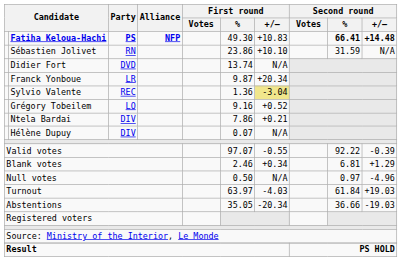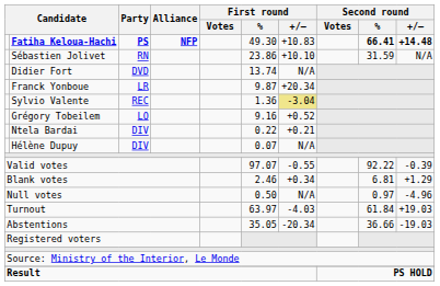 <table class="wikitable" style="text-align:right;font-size:95%;">
 <tr>
 <th rowspan="2" colspan="2">Candidate</th>
 <th rowspan="2">Party</th>
 <th rowspan="2">Alliance</th>
 <th colspan="3">First round</th>
 <th colspan="3">Second round</th>
 </tr>
 <tr>
 <th style="width:50px;">Votes</th>
 <th style="width:45px;">%</th>
 <th style="width:45px;">+/–</th>
 <th style="width:50px;">Votes</th>
 <th style="width:45px;">%</th>
 <th style="width:45px;">+/–</th>
 </tr>
 <tr>
 <td style="color:inherit;background:"></td>
 <td style="text-align:left;"><strong><a href='#'>Fatiha Keloua-Hachi</a></strong></td>
 <td><a href='#'><strong>PS</strong></a></td>
 <td><a href='#'><strong>NFP</strong></a></td>
 <td></td>
 <td>49.30</td>
 <td>+10.83</td>
 <td><strong></strong></td>
 <td><strong>66.41</strong></td>
 <td><strong>+14.48</strong></td>
 </tr>
 <tr>
 <td style="color:inherit;background:"></td>
 <td style="text-align:left;">Sébastien Jolivet</td>
 <td><a href='#'>RN</a></td>
 <td></td>
 <td></td>
 <td>23.86</td>
 <td>+10.10</td>
 <td></td>
 <td>31.59</td>
 <td>N/A</td>
 </tr>
 <tr>
 <td style="color:inherit;background:"></td>
 <td style="text-align:left;">Didier Fort</td>
 <td><a href='#'>DVD</a></td>
 <td></td>
 <td></td>
 <td>13.74</td>
 <td>N/A</td>
 <td colspan="3" style="background:#E9E9E9;"></td>
 </tr>
 <tr>
 <td style="color:inherit;background:"></td>
 <td style="text-align:left;">Franck Yonboue</td>
 <td><a href='#'>LR</a></td>
 <td></td>
 <td></td>
 <td>9.87</td>
 <td>+20.34</td>
 <td colspan="3" style="background:#E9E9E9;"></td>
 </tr>
 <tr>
 <td style="color:inherit;background:"></td>
 <td style="text-align:left;">Sylvio Valente</td>
 <td><a href='#'>REC</a></td>
 <td></td>
 <td></td>
 <td>1.36</td>
 <td style="background: khaki;">-3.04</td>
 <td colspan="3" style="background:#E9E9E9;"></td>
 </tr>
 <tr>
 <td style="color:inherit;background:"></td>
 <td style="text-align:left;">Grégory Tobeilem</td>
 <td><a href='#'>LO</a></td>
 <td></td>
 <td></td>
 <td>9.16</td>
 <td>+0.52</td>
 <td colspan="3" style="background:#E9E9E9;"></td>
 </tr>
 <tr>
 <td style="color:inherit;background:"></td>
 <td style="text-align:left;">Ntela Bardai</td>
 <td><a href='#'>DIV</a></td>
 <td></td>
 <td></td>
-<td>7.86</td>
+<td>0.22</td>
 <td>+0.21</td>
 <td colspan="3" style="background:#E9E9E9;"></td>
 </tr>
 <tr>
 <td style="color:inherit;background:"></td>
 <td style="text-align:left;">Hélène Dupuy</td>
 <td><a href='#'>DIV</a></td>
 <td></td>
 <td></td>
 <td>0.07</td>
 <td>N/A</td>
 <td colspan="3" style="background:#E9E9E9;"></td>
 </tr>
 <tr>
 <td colspan="10" style="background:#E9E9E9;"></td>
 </tr>
 <tr>
 <td colspan="4" style="text-align:left;">Valid votes</td>
 <td></td>
 <td>97.07</td>
 <td>-0.55</td>
 <td></td>
 <td>92.22</td>
 <td>-0.39</td>
 </tr>
 <tr>
 <td colspan="4" style="text-align:left;">Blank votes</td>
 <td></td>
 <td>2.46</td>
 <td>+0.34</td>
 <td></td>
 <td>6.81</td>
 <td>+1.29</td>
 </tr>
 <tr>
 <td colspan="4" style="text-align:left;">Null votes</td>
 <td></td>
 <td>0.50</td>
 <td>N/A</td>
 <td></td>
 <td>0.97</td>
 <td>-4.96</td>
 </tr>
 <tr>
 <td colspan="4" style="text-align:left;">Turnout</td>
 <td></td>
 <td>63.97</td>
 <td>-4.03</td>
 <td></td>
 <td>61.84</td>
 <td>+19.03</td>
 </tr>
 <tr>
 <td colspan="4" style="text-align:left;">Abstentions</td>
 <td></td>
 <td>35.05</td>
 <td>-20.34</td>
 <td></td>
 <td>36.66</td>
 <td>-19.03</td>
 </tr>
 <tr>
 <td colspan="4" style="text-align:left;">Registered voters</td>
 <td></td>
 <td colspan="2" style="background:#E9E9E9;"></td>
 <td></td>
 <td colspan="2" style="background:#E9E9E9;"></td>
 </tr>
 <tr>
 <td colspan="10" style="background:#E9E9E9;"></td>
 </tr>
 <tr>
 <td colspan="10" style="text-align:left;">Source: <a href='#'>Ministry of the Interior</a>, <a href='#'>Le Monde</a></td>
 </tr>
 <tr>
 </tr>
 <tr style="font-weight:bold">
 <td colspan="7" style="text-align:left;">Result</td>
 <td colspan="7" style="background-color:">PS HOLD</td>
 </tr>
 </table>
